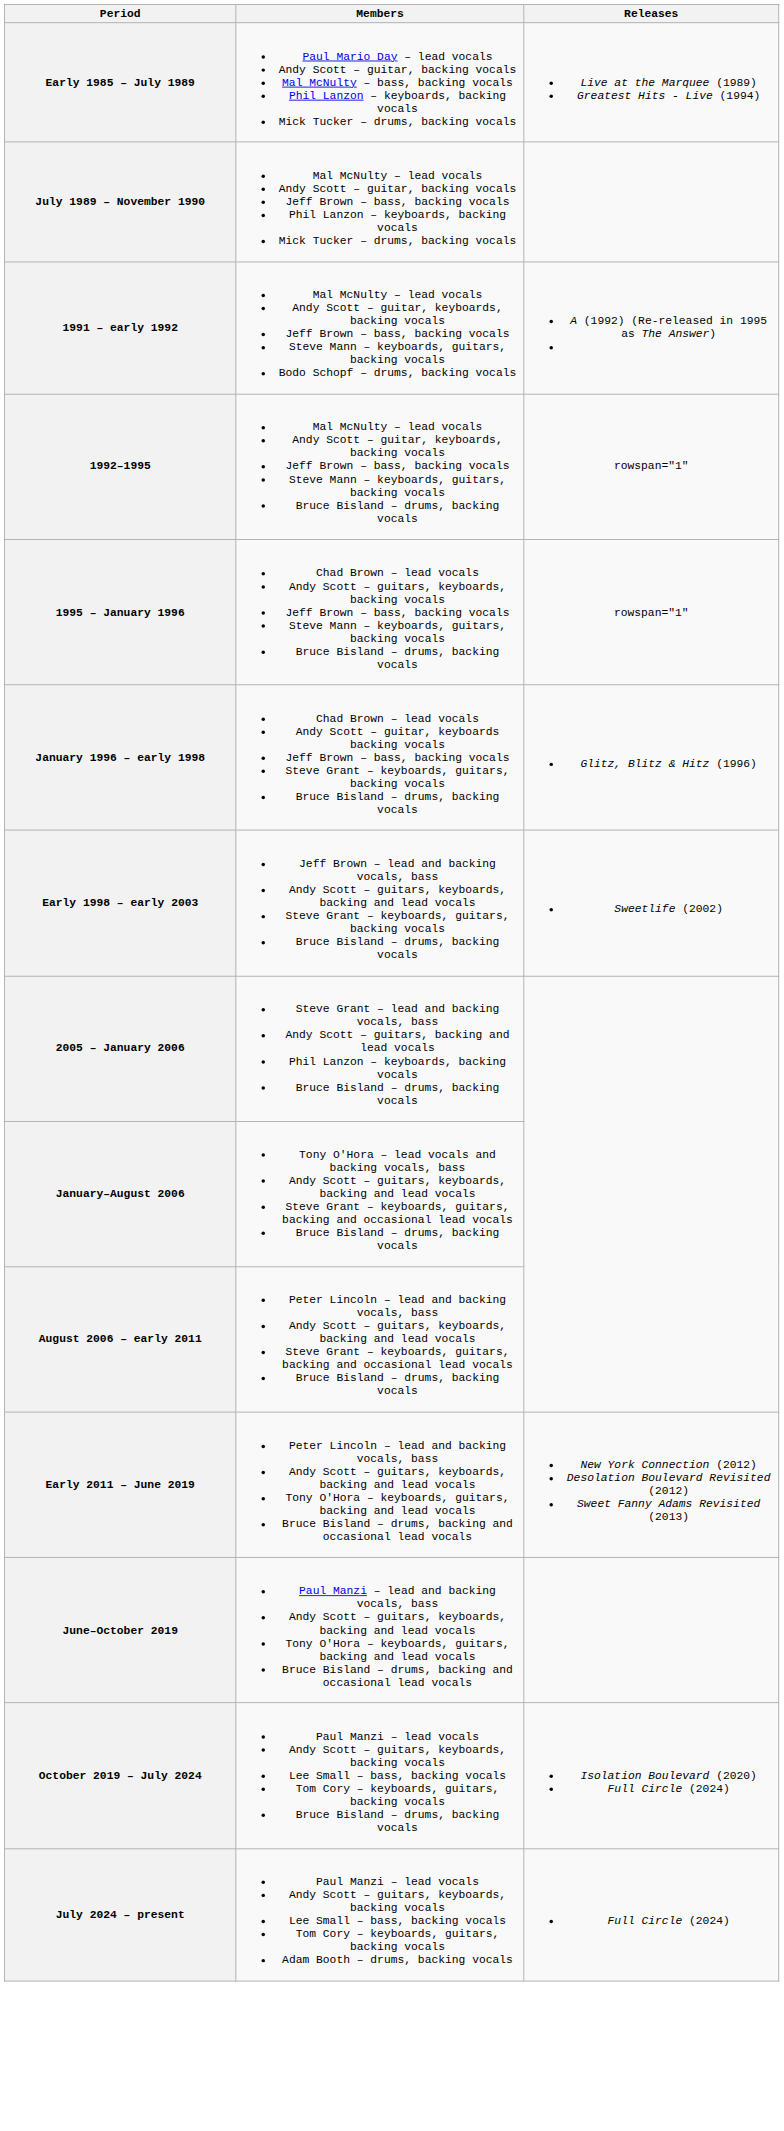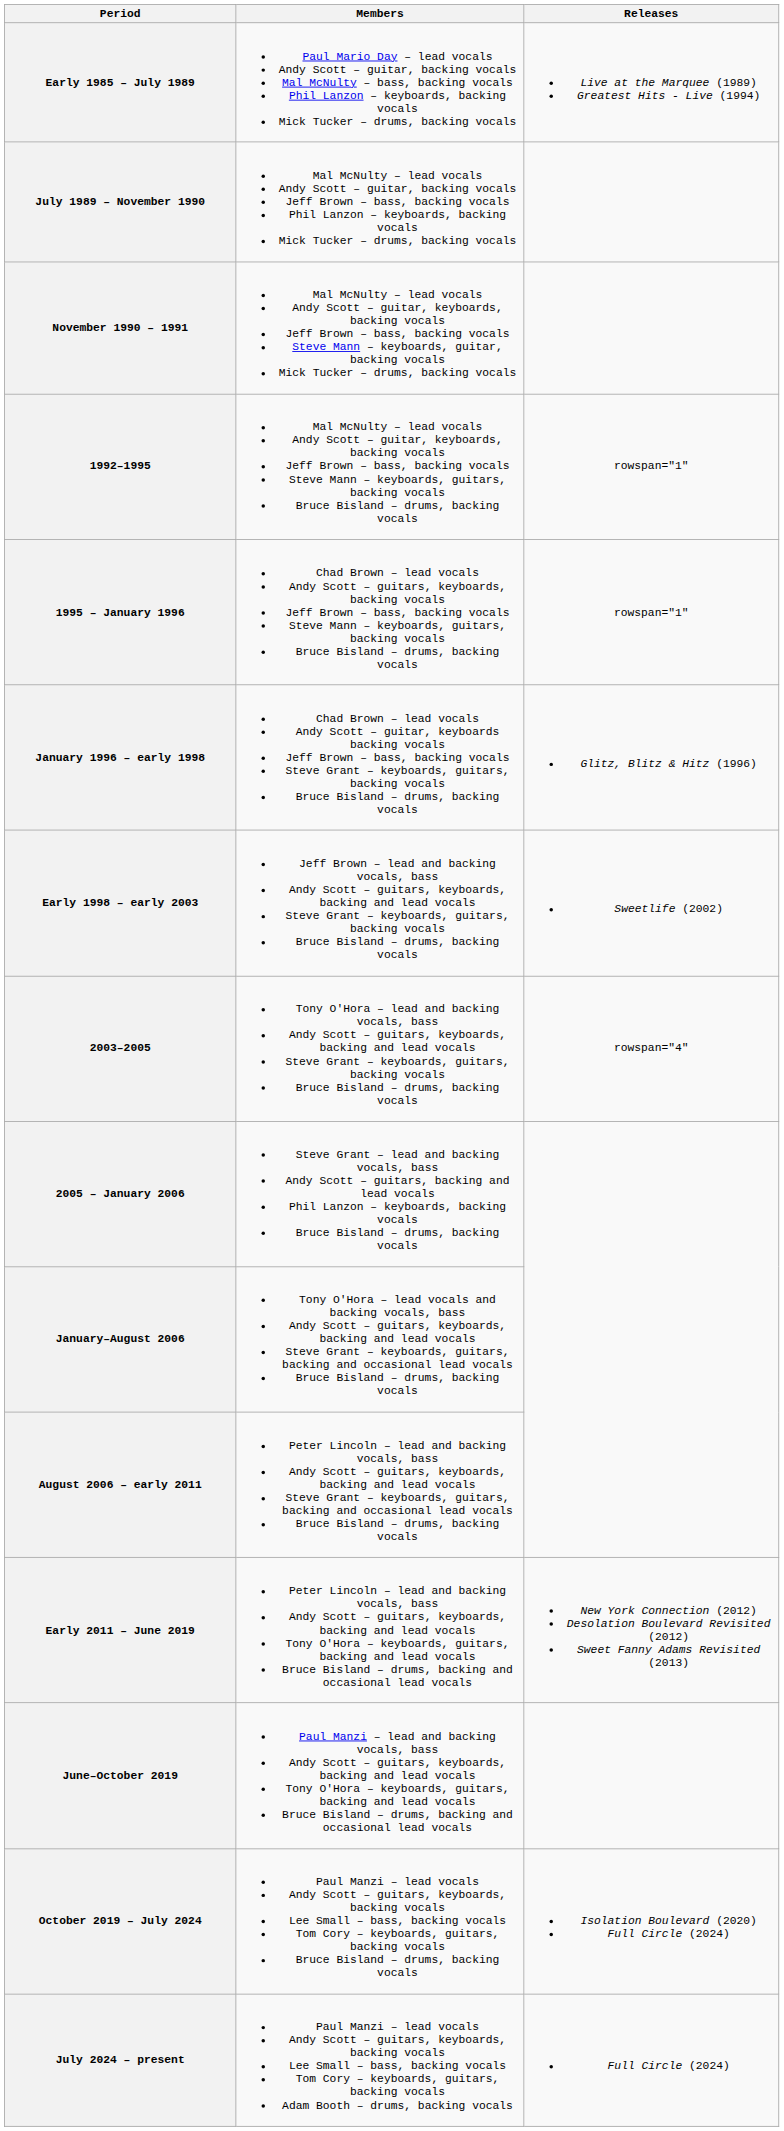 <table class="wikitable plainrowheaders" style="text-align:center;">
 <tr>
 <th scope="col" style="width:20em;">Period</th>
 <th scope="col" style="width:25em;">Members</th>
 <th scope="col" style="width:22em;">Releases</th>
 </tr>
 <tr>
 <th scope="col">Early 1985 – July 1989</th>
 <td><br><ul><li><a href='#'>Paul Mario Day</a> – lead vocals</li><li>Andy Scott – guitar, backing vocals</li><li><a href='#'>Mal McNulty</a> – bass, backing vocals</li><li><a href='#'>Phil Lanzon</a> – keyboards, backing vocals</li><li>Mick Tucker – drums, backing vocals</li></ul></td>
 <td><br><ul><li><em>Live at the Marquee</em> (1989)</li><li><em>Greatest Hits - Live</em> (1994)</li></ul></td>
 </tr>
 <tr>
 <th scope="col">July 1989 – November 1990</th>
 <td><br><ul><li>Mal McNulty – lead vocals</li><li>Andy Scott – guitar, backing vocals</li><li>Jeff Brown – bass, backing vocals</li><li>Phil Lanzon – keyboards, backing vocals</li><li>Mick Tucker – drums, backing vocals</li></ul></td>
 <td></td>
 </tr>
 <tr>
-<th scope="col">1991 – early 1992</th>
-<td><br><ul><li>Mal McNulty – lead vocals</li><li>Andy Scott – guitar, keyboards, backing vocals</li><li>Jeff Brown – bass, backing vocals</li><li>Steve Mann – keyboards, guitars, backing vocals</li><li>Bodo Schopf – drums, backing vocals</li></ul></td>
-<td><br><ul><li><em>A</em> (1992) (Re-released in 1995 as <em>The Answer</em>)</li><li></li></ul></td>
+<th scope="col">November 1990 – 1991</th>
+<td><br><ul><li>Mal McNulty – lead vocals</li><li>Andy Scott – guitar, keyboards, backing vocals</li><li>Jeff Brown – bass, backing vocals</li><li><a href='#'>Steve Mann</a> – keyboards, guitar, backing vocals</li><li>Mick Tucker – drums, backing vocals</li></ul></td>
+<td></td>
 </tr>
 <tr>
 <th scope="col">1992–1995</th>
 <td><br><ul><li>Mal McNulty – lead vocals</li><li>Andy Scott – guitar, keyboards, backing vocals</li><li>Jeff Brown – bass, backing vocals</li><li>Steve Mann – keyboards, guitars, backing vocals</li><li>Bruce Bisland – drums, backing vocals</li></ul></td>
 <td>rowspan="1" </td>
 </tr>
 <tr>
 <th scope="col">1995 – January 1996</th>
 <td><br><ul><li>Chad Brown – lead vocals</li><li>Andy Scott – guitars, keyboards, backing vocals</li><li>Jeff Brown – bass, backing vocals</li><li>Steve Mann – keyboards, guitars, backing vocals</li><li>Bruce Bisland – drums, backing vocals</li></ul></td>
 <td>rowspan="1" </td>
 </tr>
 <tr>
 <th scope="col">January 1996 – early 1998</th>
 <td><br><ul><li>Chad Brown – lead vocals</li><li>Andy Scott – guitar, keyboards backing vocals</li><li>Jeff Brown – bass, backing vocals</li><li>Steve Grant – keyboards, guitars, backing vocals</li><li>Bruce Bisland – drums, backing vocals</li></ul></td>
 <td><br><ul><li><em>Glitz, Blitz & Hitz</em> (1996)</li></ul></td>
 </tr>
 <tr>
 <th scope="col">Early 1998 – early 2003</th>
 <td><br><ul><li>Jeff Brown – lead and backing vocals, bass</li><li>Andy Scott – guitars, keyboards, backing and lead vocals</li><li>Steve Grant – keyboards, guitars, backing vocals</li><li>Bruce Bisland – drums, backing vocals</li></ul></td>
 <td><br><ul><li><em>Sweetlife</em> (2002)</li></ul></td>
+</tr>
+<tr>
+<th scope="col">2003–2005</th>
+<td><br><ul><li>Tony O'Hora – lead and backing vocals, bass</li><li>Andy Scott – guitars, keyboards, backing and lead vocals</li><li>Steve Grant – keyboards, guitars, backing vocals</li><li>Bruce Bisland – drums, backing vocals</li></ul></td>
+<td>rowspan="4" </td>
 </tr>
 <tr>
 <th scope="col">2005 – January 2006</th>
 <td><br><ul><li>Steve Grant – lead and backing vocals, bass</li><li>Andy Scott – guitars, backing and lead vocals</li><li>Phil Lanzon – keyboards, backing vocals</li><li>Bruce Bisland – drums, backing vocals</li></ul></td>
 </tr>
 <tr>
 <th scope="col">January–August 2006</th>
 <td><br><ul><li>Tony O'Hora – lead vocals and backing vocals, bass</li><li>Andy Scott – guitars, keyboards, backing and lead vocals</li><li>Steve Grant – keyboards, guitars, backing and occasional lead vocals</li><li>Bruce Bisland – drums, backing vocals</li></ul></td>
 </tr>
 <tr>
 <th scope="col">August 2006 – early 2011</th>
 <td><br><ul><li>Peter Lincoln – lead and backing vocals, bass</li><li>Andy Scott – guitars, keyboards, backing and lead vocals</li><li>Steve Grant – keyboards, guitars, backing and occasional lead vocals</li><li>Bruce Bisland – drums, backing vocals</li></ul></td>
 </tr>
 <tr>
 <th scope="col">Early 2011 – June 2019</th>
 <td><br><ul><li>Peter Lincoln – lead and backing vocals, bass</li><li>Andy Scott – guitars, keyboards, backing and lead vocals</li><li>Tony O'Hora – keyboards, guitars, backing and lead vocals</li><li>Bruce Bisland – drums, backing and occasional lead vocals</li></ul></td>
 <td><br><ul><li><em>New York Connection</em> (2012)</li><li><em>Desolation Boulevard Revisited</em> (2012)</li><li><em>Sweet Fanny Adams Revisited</em> (2013)</li></ul></td>
 </tr>
 <tr>
 <th scope="col">June–October 2019</th>
 <td><br><ul><li><a href='#'>Paul Manzi</a> – lead and backing vocals, bass</li><li>Andy Scott – guitars, keyboards, backing and lead vocals</li><li>Tony O'Hora – keyboards, guitars, backing and lead vocals</li><li>Bruce Bisland – drums, backing and occasional lead vocals</li></ul></td>
 <td></td>
 </tr>
 <tr>
 <th scope="col">October 2019 – July 2024</th>
 <td><br><ul><li>Paul Manzi – lead vocals</li><li>Andy Scott – guitars, keyboards, backing vocals</li><li>Lee Small – bass, backing vocals</li><li>Tom Cory – keyboards, guitars, backing vocals</li><li>Bruce Bisland – drums, backing vocals</li></ul></td>
 <td><br><ul><li><em>Isolation Boulevard</em> (2020)</li><li><em>Full Circle</em> (2024)</li></ul></td>
 </tr>
 <tr>
 <th scope="col">July 2024 – present</th>
 <td><br><ul><li>Paul Manzi – lead vocals</li><li>Andy Scott – guitars, keyboards, backing vocals</li><li>Lee Small – bass, backing vocals</li><li>Tom Cory – keyboards, guitars, backing vocals</li><li>Adam Booth – drums, backing vocals</li></ul></td>
 <td><br><ul><li><em>Full Circle</em> (2024)</li></ul></td>
 </tr>
 </table>
